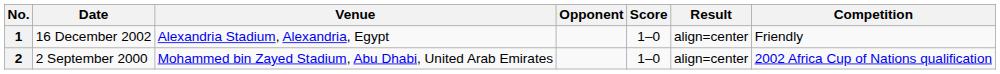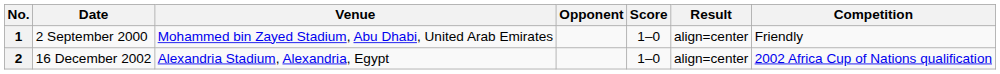 <table class="wikitable sortable">
 <tr>
 <th scope="col">No.</th>
 <th scope="col">Date</th>
 <th scope="col">Venue</th>
 <th scope="col">Opponent</th>
 <th scope="col">Score</th>
 <th scope="col">Result</th>
 <th scope="col">Competition</th>
 </tr>
 <tr>
 <th scope="row">1</th>
-<td>16 December 2002</td>
-<td><a href='#'>Alexandria Stadium</a>, <a href='#'>Alexandria</a>, Egypt</td>
+<td>2 September 2000</td>
+<td><a href='#'>Mohammed bin Zayed Stadium</a>, <a href='#'>Abu Dhabi</a>, United Arab Emirates</td>
 <td></td>
 <td align=center>1–0</td>
 <td>align=center </td>
 <td>Friendly</td>
 </tr>
 <tr>
 <th scope="row">2</th>
-<td>2 September 2000</td>
-<td><a href='#'>Mohammed bin Zayed Stadium</a>, <a href='#'>Abu Dhabi</a>, United Arab Emirates</td>
+<td>16 December 2002</td>
+<td><a href='#'>Alexandria Stadium</a>, <a href='#'>Alexandria</a>, Egypt</td>
 <td></td>
 <td align=center>1–0</td>
 <td>align=center </td>
 <td><a href='#'>2002 Africa Cup of Nations qualification</a></td>
 </tr>
 </table>
